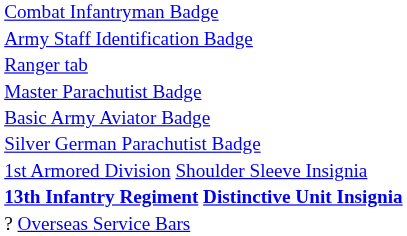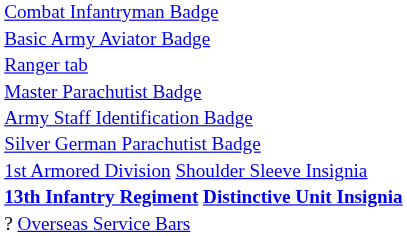 <table>
 <tr>
 <td>  <a href='#'>Combat Infantryman Badge</a></td>
 </tr>
 <tr>
-<td>  <a href='#'>Army Staff Identification Badge</a></td>
+<td>  <a href='#'>Basic Army Aviator Badge</a></td>
 </tr>
 <tr>
 <td>  <a href='#'>Ranger tab</a></td>
 </tr>
 <tr>
 <td>  <a href='#'>Master Parachutist Badge</a></td>
 </tr>
 <tr>
-<td>  <a href='#'>Basic Army Aviator Badge</a></td>
+<td>  <a href='#'>Army Staff Identification Badge</a></td>
 </tr>
 <tr>
 <td>  <a href='#'>Silver German Parachutist Badge</a></td>
 </tr>
 <tr>
 <td>  <a href='#'>1st Armored Division</a> <a href='#'>Shoulder Sleeve Insignia</a></td>
 </tr>
 <tr>
 <td><strong>  <a href='#'>13th Infantry Regiment</a> <a href='#'>Distinctive Unit Insignia</a></strong></td>
 </tr>
 <tr>
 <td>  ? <a href='#'>Overseas Service Bars</a></td>
 </tr>
 </table>
